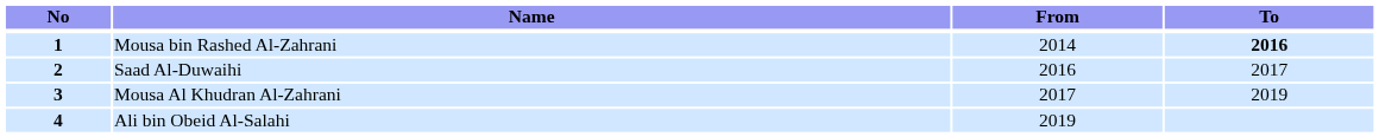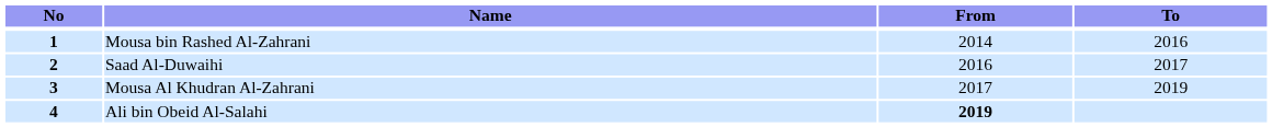 <table width=60%>
 <tr bgcolor=#9799F3>
 <th width=5%>No</th>
 <th width=40%>Name</th>
 <th width=10%>From</th>
 <th width=10%>To</th>
 </tr>
 <tr>
 </tr>
 <tr bgcolor=#D0E7FF>
 <td align=center><strong>1</strong></td>
 <td align=Left> Mousa bin Rashed Al-Zahrani</td>
 <td align=center>2014</td>
-<td align=center><strong>2016</strong></td>
+<td align=center>2016</td>
 </tr>
 <tr bgcolor=#D0E7FF>
 <td align=center><strong>2</strong></td>
 <td align=Left> Saad Al-Duwaihi</td>
 <td align=center>2016</td>
 <td align=center>2017</td>
 </tr>
 <tr bgcolor=#D0E7FF>
 <td align=center><strong>3</strong></td>
 <td align=Left> Mousa Al Khudran Al-Zahrani</td>
 <td align=center>2017</td>
 <td align=center>2019</td>
 </tr>
 <tr bgcolor=#D0E7FF>
 <td align=center><strong>4</strong></td>
 <td align=Left> Ali bin Obeid Al-Salahi</td>
-<td align=center>2019</td>
+<td align=center><strong>2019</strong></td>
 <td align=center></td>
 </tr>
 </table>
